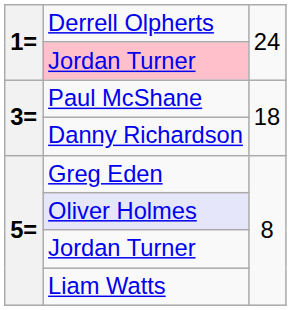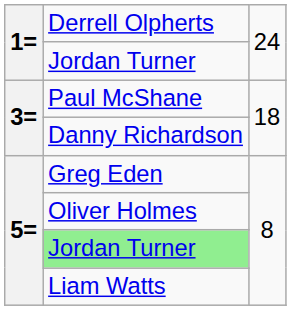 <table class="wikitable" style="text-align:center">
 <tr>
 <th Rowspan=2>1=</th>
 <td align="left"> <a href='#'>Derrell Olpherts</a></td>
 <td Rowspan=2>24</td>
 </tr>
 <tr>
-<td align="left" style="background: pink;"> <a href='#'>Jordan Turner</a></td>
+<td align="left"> <a href='#'>Jordan Turner</a></td>
 </tr>
 <tr>
 <th Rowspan=2>3=</th>
 <td align="left"> <a href='#'>Paul McShane</a></td>
 <td Rowspan=2>18</td>
 </tr>
 <tr>
 <td align="left"> <a href='#'>Danny Richardson</a></td>
 </tr>
 <tr>
 <th Rowspan=4>5=</th>
 <td align="left"> <a href='#'>Greg Eden</a></td>
 <td Rowspan=4>8</td>
 </tr>
 <tr>
-<td align="left" style="background: lavender;"> <a href='#'>Oliver Holmes</a></td>
+<td align="left"> <a href='#'>Oliver Holmes</a></td>
 </tr>
 <tr>
-<td align="left"> <a href='#'>Jordan Turner</a></td>
+<td align="left" style="background: lightgreen;"> <a href='#'>Jordan Turner</a></td>
 </tr>
 <tr>
 <td align="left"> <a href='#'>Liam Watts</a></td>
 </tr>
 </table>
